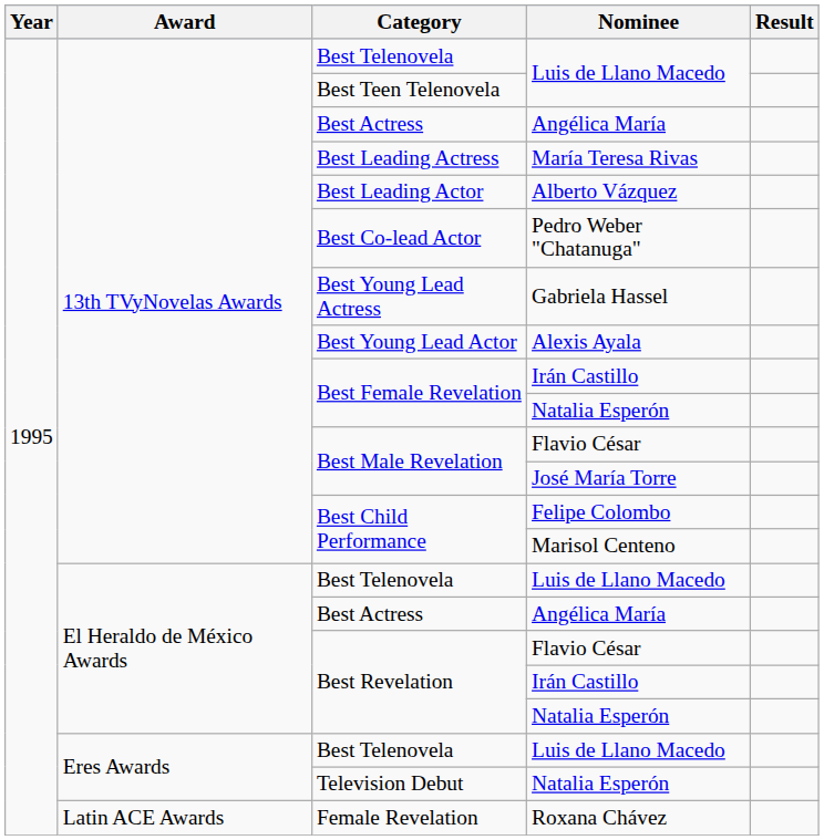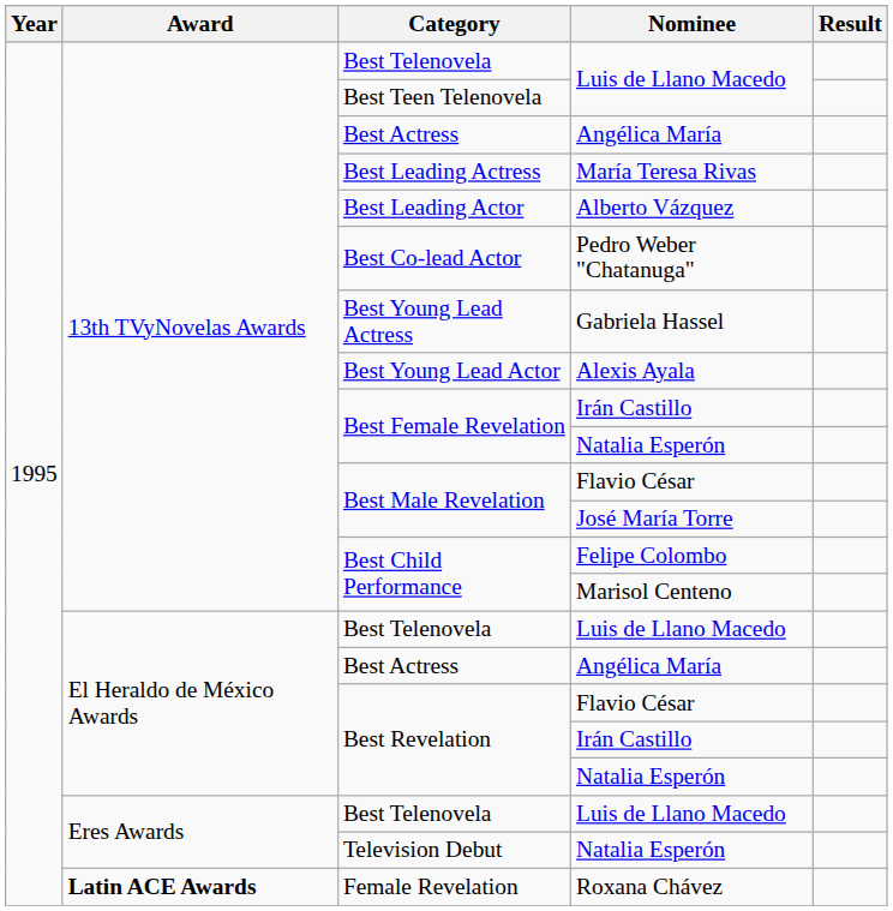 <table class="wikitable">
 <tr style="background:#b0c4de;">
 <th>Year</th>
 <th>Award</th>
 <th>Category</th>
 <th>Nominee</th>
 <th>Result</th>
 </tr>
 <tr>
 <td rowspan=22>1995</td>
 <td rowspan=14><a href='#'>13th TVyNovelas Awards</a></td>
 <td><a href='#'>Best Telenovela</a></td>
 <td rowspan=2><a href='#'>Luis de Llano Macedo</a></td>
 <td></td>
 </tr>
 <tr>
 <td>Best Teen Telenovela</td>
 <td></td>
 </tr>
 <tr>
 <td><a href='#'>Best Actress</a></td>
 <td><a href='#'>Angélica María</a></td>
 <td></td>
 </tr>
 <tr>
 <td><a href='#'>Best Leading Actress</a></td>
 <td><a href='#'>María Teresa Rivas</a></td>
 <td></td>
 </tr>
 <tr>
 <td><a href='#'>Best Leading Actor</a></td>
 <td><a href='#'>Alberto Vázquez</a></td>
 <td></td>
 </tr>
 <tr>
 <td><a href='#'>Best Co-lead Actor</a></td>
 <td>Pedro Weber "Chatanuga"</td>
 <td></td>
 </tr>
 <tr>
 <td><a href='#'>Best Young Lead Actress</a></td>
 <td>Gabriela Hassel</td>
 <td></td>
 </tr>
 <tr>
 <td><a href='#'>Best Young Lead Actor</a></td>
 <td><a href='#'>Alexis Ayala</a></td>
 <td></td>
 </tr>
 <tr>
 <td rowspan=2><a href='#'>Best Female Revelation</a></td>
 <td><a href='#'>Irán Castillo</a></td>
 <td></td>
 </tr>
 <tr>
 <td><a href='#'>Natalia Esperón</a></td>
 <td></td>
 </tr>
 <tr>
 <td rowspan=2><a href='#'>Best Male Revelation</a></td>
 <td>Flavio César</td>
 <td></td>
 </tr>
 <tr>
 <td><a href='#'>José María Torre</a></td>
 <td></td>
 </tr>
 <tr>
 <td rowspan=2><a href='#'>Best Child Performance</a></td>
 <td><a href='#'>Felipe Colombo</a></td>
 <td></td>
 </tr>
 <tr>
 <td>Marisol Centeno</td>
 <td></td>
 </tr>
 <tr>
 <td rowspan=5>El Heraldo de México Awards</td>
 <td>Best Telenovela</td>
 <td><a href='#'>Luis de Llano Macedo</a></td>
 <td></td>
 </tr>
 <tr>
 <td>Best Actress</td>
 <td><a href='#'>Angélica María</a></td>
 <td></td>
 </tr>
 <tr>
 <td rowspan=3>Best Revelation</td>
 <td>Flavio César</td>
 <td></td>
 </tr>
 <tr>
 <td><a href='#'>Irán Castillo</a></td>
 <td></td>
 </tr>
 <tr>
 <td><a href='#'>Natalia Esperón</a></td>
 <td></td>
 </tr>
 <tr>
 <td rowspan=2>Eres Awards</td>
 <td>Best Telenovela</td>
 <td><a href='#'>Luis de Llano Macedo</a></td>
 <td></td>
 </tr>
 <tr>
 <td>Television Debut</td>
 <td><a href='#'>Natalia Esperón</a></td>
 <td></td>
 </tr>
 <tr>
-<td>Latin ACE Awards</td>
+<td><strong>Latin ACE Awards</strong></td>
 <td>Female Revelation</td>
 <td>Roxana Chávez</td>
 <td></td>
 </tr>
 </table>
